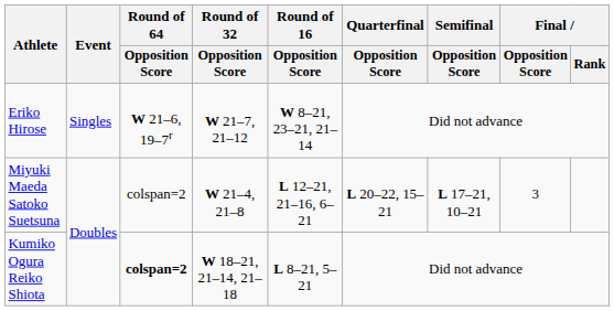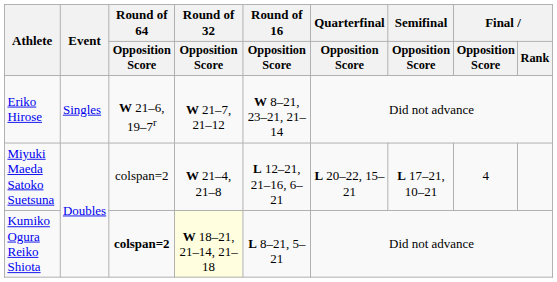 <table class=wikitable style="font-size:90%">
 <tr>
 <th rowspan="2">Athlete</th>
 <th rowspan="2">Event</th>
 <th>Round of 64</th>
 <th>Round of 32</th>
 <th>Round of 16</th>
 <th>Quarterfinal</th>
 <th>Semifinal</th>
 <th colspan=2>Final / </th>
 </tr>
 <tr style="font-size:95%">
 <th>Opposition<br>Score</th>
 <th>Opposition<br>Score</th>
 <th>Opposition<br>Score</th>
 <th>Opposition<br>Score</th>
 <th>Opposition<br>Score</th>
 <th>Opposition<br>Score</th>
 <th>Rank</th>
 </tr>
 <tr align=center>
 <td align=left><a href='#'>Eriko Hirose</a></td>
 <td align=left><a href='#'>Singles</a></td>
 <td><br><strong>W</strong> 21–6, 19–7<sup>r</sup></td>
 <td><br><strong>W</strong> 21–7, 21–12</td>
 <td><br><strong>W</strong> 8–21, 23–21, 21–14</td>
 <td colspan=4>Did not advance</td>
 </tr>
 <tr align=center>
 <td align=left><a href='#'>Miyuki Maeda</a> <br> <a href='#'>Satoko Suetsuna</a></td>
 <td align=left rowspan=2><a href='#'>Doubles</a></td>
 <td>colspan=2 </td>
 <td><br><strong>W</strong> 21–4, 21–8</td>
 <td><br><strong>L</strong> 12–21, 21–16, 6–21</td>
 <td><br><strong>L</strong> 20–22, 15–21</td>
 <td><br><strong>L</strong> 17–21, 10–21</td>
-<td>3</td>
+<td>4</td>
 </tr>
 <tr align=center>
 <td align=left><a href='#'>Kumiko Ogura</a> <br> <a href='#'>Reiko Shiota</a></td>
 <td><strong>colspan=2 </strong></td>
-<td><br><strong>W</strong> 18–21, 21–14, 21–18</td>
+<td style="background: lightyellow;"><br><strong>W</strong> 18–21, 21–14, 21–18</td>
 <td><br><strong>L</strong> 8–21, 5–21</td>
 <td colspan=4>Did not advance</td>
 </tr>
 </table>
